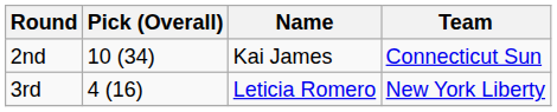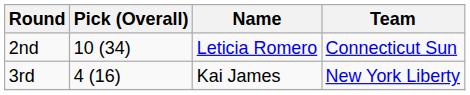 <table class="wikitable" style="font-size: 95%;">
 <tr>
 <th>Round</th>
 <th>Pick (Overall)</th>
 <th>Name</th>
 <th>Team</th>
 </tr>
 <tr>
 <td>2nd</td>
 <td>10 (34)</td>
-<td>Kai James</td>
+<td><a href='#'>Leticia Romero</a></td>
 <td><a href='#'>Connecticut Sun</a></td>
 </tr>
 <tr>
 <td>3rd</td>
 <td>4 (16)</td>
-<td><a href='#'>Leticia Romero</a></td>
+<td>Kai James</td>
 <td><a href='#'>New York Liberty</a></td>
 </tr>
 <tr>
 </tr>
 </table>
